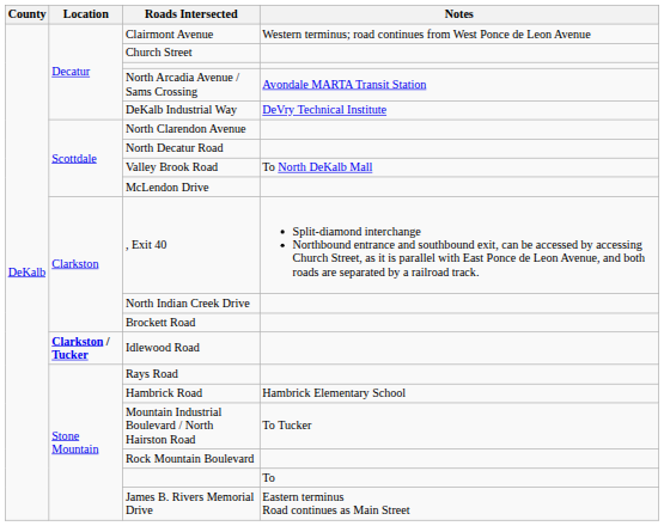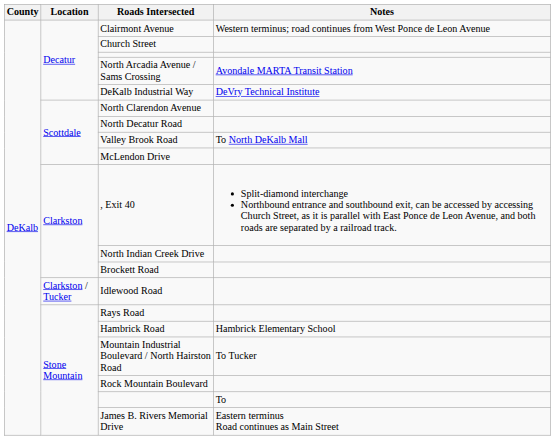 <table class="wikitable">
 <tr>
 <th>County</th>
 <th>Location</th>
 <th>Roads Intersected</th>
 <th>Notes</th>
 </tr>
 <tr>
 <td rowspan=19><a href='#'>DeKalb</a></td>
 <td rowspan=5><a href='#'>Decatur</a></td>
 <td>Clairmont Avenue</td>
 <td>Western terminus; road continues from West Ponce de Leon Avenue</td>
 </tr>
 <tr>
 <td>Church Street</td>
 <td></td>
 </tr>
 <tr>
 <td></td>
 <td></td>
 </tr>
 <tr>
 <td>North Arcadia Avenue / Sams Crossing</td>
 <td><a href='#'>Avondale MARTA Transit Station</a></td>
 </tr>
 <tr>
 <td>DeKalb Industrial Way</td>
 <td><a href='#'>DeVry Technical Institute</a></td>
 </tr>
 <tr>
 <td rowspan=4><a href='#'>Scottdale</a></td>
 <td>North Clarendon Avenue</td>
 <td></td>
 </tr>
 <tr>
 <td>North Decatur Road</td>
 <td></td>
 </tr>
 <tr>
 <td>Valley Brook Road</td>
 <td>To <a href='#'>North DeKalb Mall</a></td>
 </tr>
 <tr>
 <td>McLendon Drive</td>
 <td></td>
 </tr>
 <tr>
 <td rowspan=3><a href='#'>Clarkston</a></td>
 <td>, Exit 40</td>
 <td><br><ul><li>Split-diamond interchange</li><li>Northbound entrance and southbound exit,  can be accessed by accessing Church Street, as it is parallel with East Ponce de Leon Avenue, and both roads are separated by a railroad track.</li></ul></td>
 </tr>
 <tr>
 <td>North Indian Creek Drive</td>
 <td></td>
 </tr>
 <tr>
 <td>Brockett Road</td>
 <td></td>
 </tr>
 <tr>
-<td><strong><a href='#'>Clarkston</a> / <a href='#'>Tucker</a></strong></td>
+<td><a href='#'>Clarkston</a> / <a href='#'>Tucker</a></td>
 <td>Idlewood Road</td>
 <td></td>
 </tr>
 <tr>
 <td rowspan=6><a href='#'>Stone Mountain</a></td>
 <td>Rays Road</td>
 <td></td>
 </tr>
 <tr>
 <td>Hambrick Road</td>
 <td>Hambrick Elementary School</td>
 </tr>
 <tr>
 <td>Mountain Industrial Boulevard / North Hairston Road</td>
 <td>To Tucker</td>
 </tr>
 <tr>
 <td>Rock Mountain Boulevard</td>
 <td></td>
 </tr>
 <tr>
 <td></td>
 <td>To </td>
 </tr>
 <tr>
 <td>James B. Rivers Memorial Drive</td>
 <td>Eastern terminus<br>Road continues as Main Street</td>
 </tr>
 </table>
